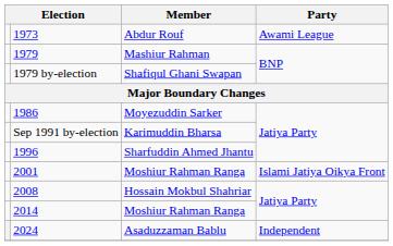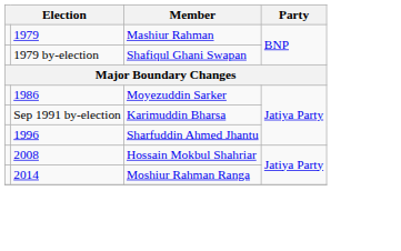 <table class="wikitable">
 <tr>
 <th colspan="2">Election</th>
 <th>Member</th>
 <th>Party</th>
-</tr>
-<tr>
-<td style="background-color:"></td>
-<td><a href='#'>1973</a></td>
-<td><a href='#'>Abdur Rouf</a></td>
-<td><a href='#'>Awami League</a></td>
 </tr>
 <tr>
 <td style="background-color:"></td>
 <td><a href='#'>1979</a></td>
 <td><a href='#'>Mashiur Rahman</a></td>
 <td rowspan="2"><a href='#'>BNP</a></td>
 </tr>
 <tr>
 <td style="background-color:"></td>
 <td>1979 by-election</td>
 <td><a href='#'>Shafiqul Ghani Swapan</a></td>
 </tr>
 <tr>
 <th colspan="4"><strong>Major Boundary Changes</strong></th>
 </tr>
 <tr>
 <td style="background-color:"></td>
 <td><a href='#'>1986</a></td>
 <td><a href='#'>Moyezuddin Sarker</a></td>
 <td rowspan="3"><a href='#'>Jatiya Party</a></td>
 </tr>
 <tr>
 <td style="background-color:"></td>
 <td>Sep 1991 by-election</td>
 <td><a href='#'>Karimuddin Bharsa</a></td>
 </tr>
 <tr>
 <td style="background-color:"></td>
 <td><a href='#'>1996</a></td>
 <td><a href='#'>Sharfuddin Ahmed Jhantu</a></td>
 </tr>
 <tr>
 <td style="background-color:"></td>
-<td><a href='#'>2001</a></td>
-<td><a href='#'>Moshiur Rahman Ranga</a></td>
-<td><a href='#'>Islami Jatiya Oikya Front</a></td>
-</tr>
-<tr>
-<td style="background-color:"></td>
 <td><a href='#'>2008</a></td>
 <td><a href='#'>Hossain Mokbul Shahriar</a></td>
 <td rowspan="2"><a href='#'>Jatiya Party</a></td>
 </tr>
 <tr>
 <td style="background-color:"></td>
 <td><a href='#'>2014</a></td>
 <td><a href='#'>Moshiur Rahman Ranga</a></td>
 </tr>
 <tr>
-<th></th>
-<td><a href='#'>2024</a></td>
-<td><a href='#'>Asaduzzaman Bablu</a></td>
-<td><a href='#'>Independent</a></td>
-</tr>
-<tr>
 </tr>
 </table>
